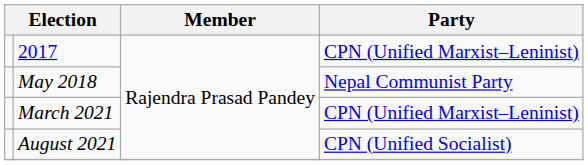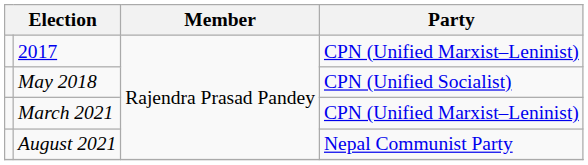 <table class="wikitable">
 <tr>
 <th colspan="2">Election</th>
 <th>Member</th>
 <th>Party</th>
 </tr>
 <tr>
 <td style="background-color:"></td>
 <td><a href='#'>2017</a></td>
 <td rowspan="4">Rajendra Prasad Pandey</td>
 <td><a href='#'>CPN (Unified Marxist–Leninist)</a></td>
 </tr>
 <tr>
 <td style="background-color:"></td>
 <td><em>May 2018</em></td>
-<td><a href='#'>Nepal Communist Party</a></td>
+<td><a href='#'>CPN (Unified Socialist)</a></td>
 </tr>
 <tr>
 <td style="background-color:"></td>
 <td><em>March 2021</em></td>
 <td><a href='#'>CPN (Unified Marxist–Leninist)</a></td>
 </tr>
 <tr>
 <td style="background-color:"></td>
 <td><em>August 2021</em></td>
-<td><a href='#'>CPN (Unified Socialist)</a></td>
+<td><a href='#'>Nepal Communist Party</a></td>
 </tr>
 <tr>
 </tr>
 </table>
